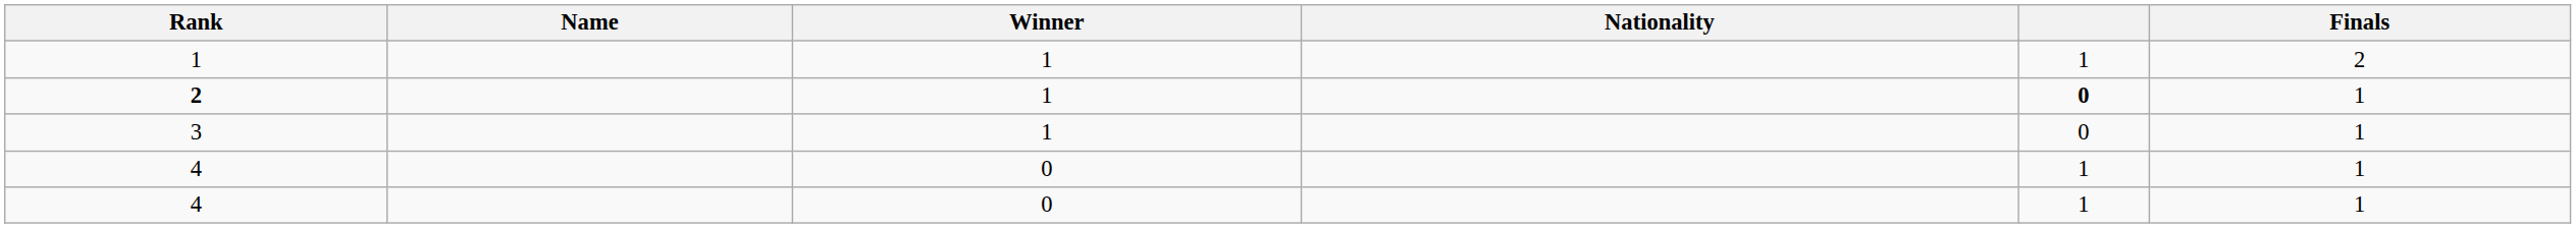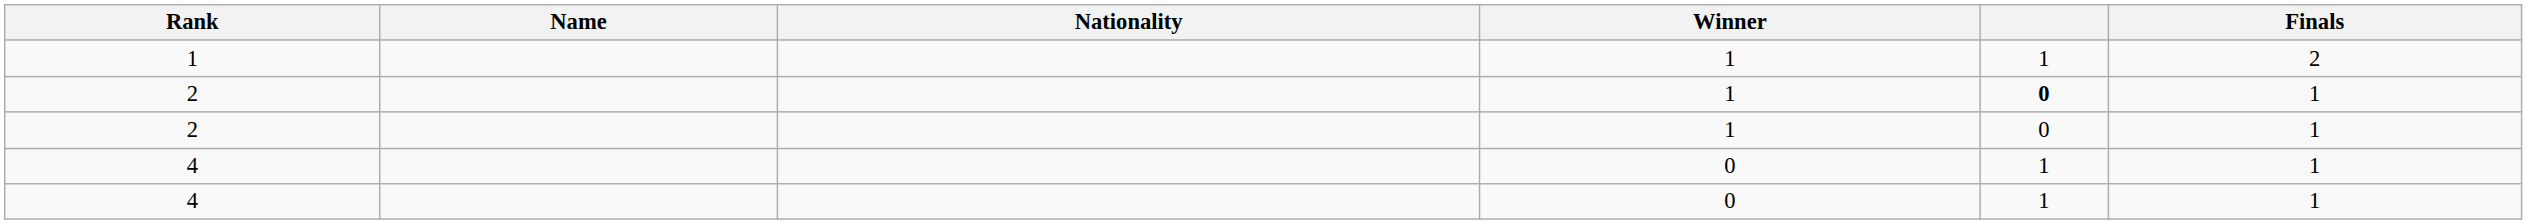 <table class="wikitable sortable" style="font-size:100%; text-align: center; width:90%">
 <tr>
 <th>Rank</th>
 <th>Name</th>
+<th>Nationality</th>
 <th>Winner</th>
-<th>Nationality</th>
 <th></th>
 <th>Finals</th>
 </tr>
 <tr>
 <td>1</td>
 <td align="left"></td>
+<td align="left"></td>
 <td>1</td>
-<td align="left"></td>
 <td>1</td>
 <td>2</td>
 </tr>
 <tr>
-<td><strong>2</strong></td>
+<td>2</td>
+<td align="left"></td>
 <td align="left"></td>
 <td>1</td>
-<td align="left"></td>
 <td><strong>0</strong></td>
 <td>1</td>
 </tr>
 <tr>
-<td>3</td>
+<td>2</td>
+<td align="left"></td>
 <td align="left"></td>
 <td>1</td>
-<td align="left"></td>
 <td>0</td>
 <td>1</td>
 </tr>
 <tr>
 <td>4</td>
 <td align="left"></td>
+<td align="left"></td>
 <td>0</td>
-<td align="left"></td>
 <td>1</td>
 <td>1</td>
 </tr>
 <tr>
 <td>4</td>
 <td align="left"></td>
+<td align="left"></td>
 <td>0</td>
-<td align="left"></td>
 <td>1</td>
 <td>1</td>
 </tr>
 </table>
